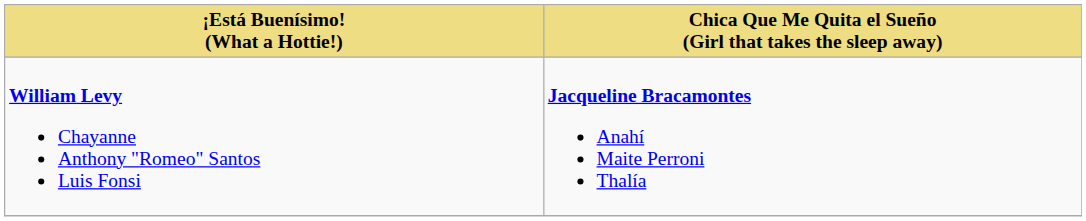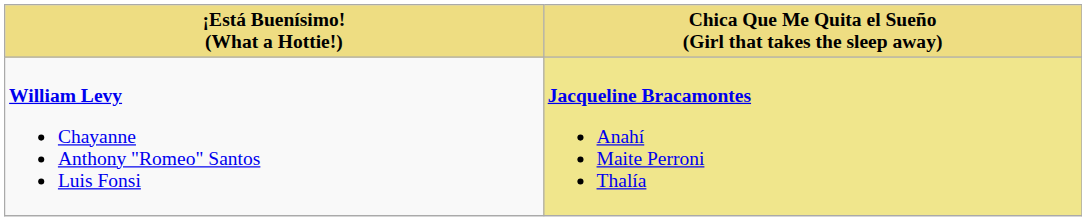 <table class="wikitable" style="width:100%">
 <tr>
 <th style="background:#EEDD82; width:50%">¡Está Buenísimo! <br>(What a Hottie!)</th>
 <th style="background:#EEDD82; width:50%">Chica Que Me Quita el Sueño <br>(Girl that takes the sleep away)</th>
 </tr>
 <tr>
 <td valign="top"><br><strong><a href='#'>William Levy</a></strong><ul><li><a href='#'>Chayanne</a></li><li><a href='#'>Anthony "Romeo" Santos</a></li><li><a href='#'>Luis Fonsi</a></li></ul></td>
-<td valign="top"><br><strong><a href='#'>Jacqueline Bracamontes</a></strong><ul><li><a href='#'>Anahí</a></li><li><a href='#'>Maite Perroni</a></li><li><a href='#'>Thalía</a></li></ul></td>
+<td valign="top" style="background: khaki;"><br><strong><a href='#'>Jacqueline Bracamontes</a></strong><ul><li><a href='#'>Anahí</a></li><li><a href='#'>Maite Perroni</a></li><li><a href='#'>Thalía</a></li></ul></td>
 </tr>
 <tr>
 </tr>
 </table>
